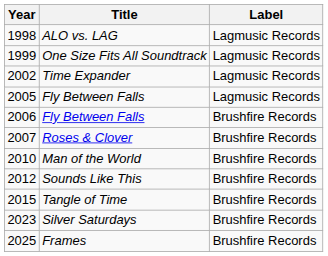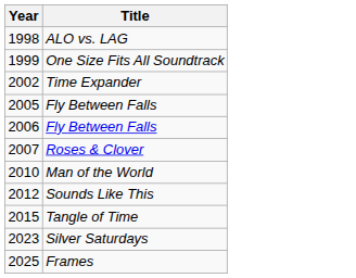 <table class="wikitable">
 <tr>
 <th rowspan="1">Year</th>
 <th rowspan="1">Title</th>
-<th rowspan="1">Label</th>
 </tr>
 <tr>
 <td align="center">1998</td>
 <td align="left"><em>ALO vs. LAG</em></td>
-<td align="left">Lagmusic Records</td>
 </tr>
 <tr>
 <td align="center">1999</td>
 <td align="left"><em>One Size Fits All Soundtrack</em></td>
-<td align="left">Lagmusic Records</td>
 </tr>
 <tr>
 <td align="center">2002</td>
 <td align="left"><em>Time Expander</em></td>
-<td align="left">Lagmusic Records</td>
 </tr>
 <tr>
 <td align="center">2005</td>
 <td align="left"><em>Fly Between Falls</em></td>
-<td align="left">Lagmusic Records</td>
 </tr>
 <tr>
 <td align="center">2006</td>
 <td align="left"><em><a href='#'>Fly Between Falls</a></em></td>
-<td align="left">Brushfire Records</td>
 </tr>
 <tr>
 <td align="center">2007</td>
 <td align="left"><em><a href='#'>Roses & Clover</a></em></td>
-<td align="left">Brushfire Records</td>
 </tr>
 <tr>
 <td align="center">2010</td>
 <td align="left"><em>Man of the World</em></td>
-<td align="left">Brushfire Records</td>
 </tr>
 <tr>
 <td align="center">2012</td>
 <td align="left"><em>Sounds Like This</em></td>
-<td align="left">Brushfire Records</td>
 </tr>
 <tr>
 <td align="center">2015</td>
 <td align="left"><em>Tangle of Time</em></td>
-<td align="left">Brushfire Records</td>
 </tr>
 <tr>
 <td align="center">2023</td>
 <td align="left"><em>Silver Saturdays</em></td>
-<td align="left">Brushfire Records</td>
 </tr>
 <tr>
 <td>2025</td>
 <td><em>Frames</em></td>
-<td>Brushfire Records</td>
 </tr>
 </table>
